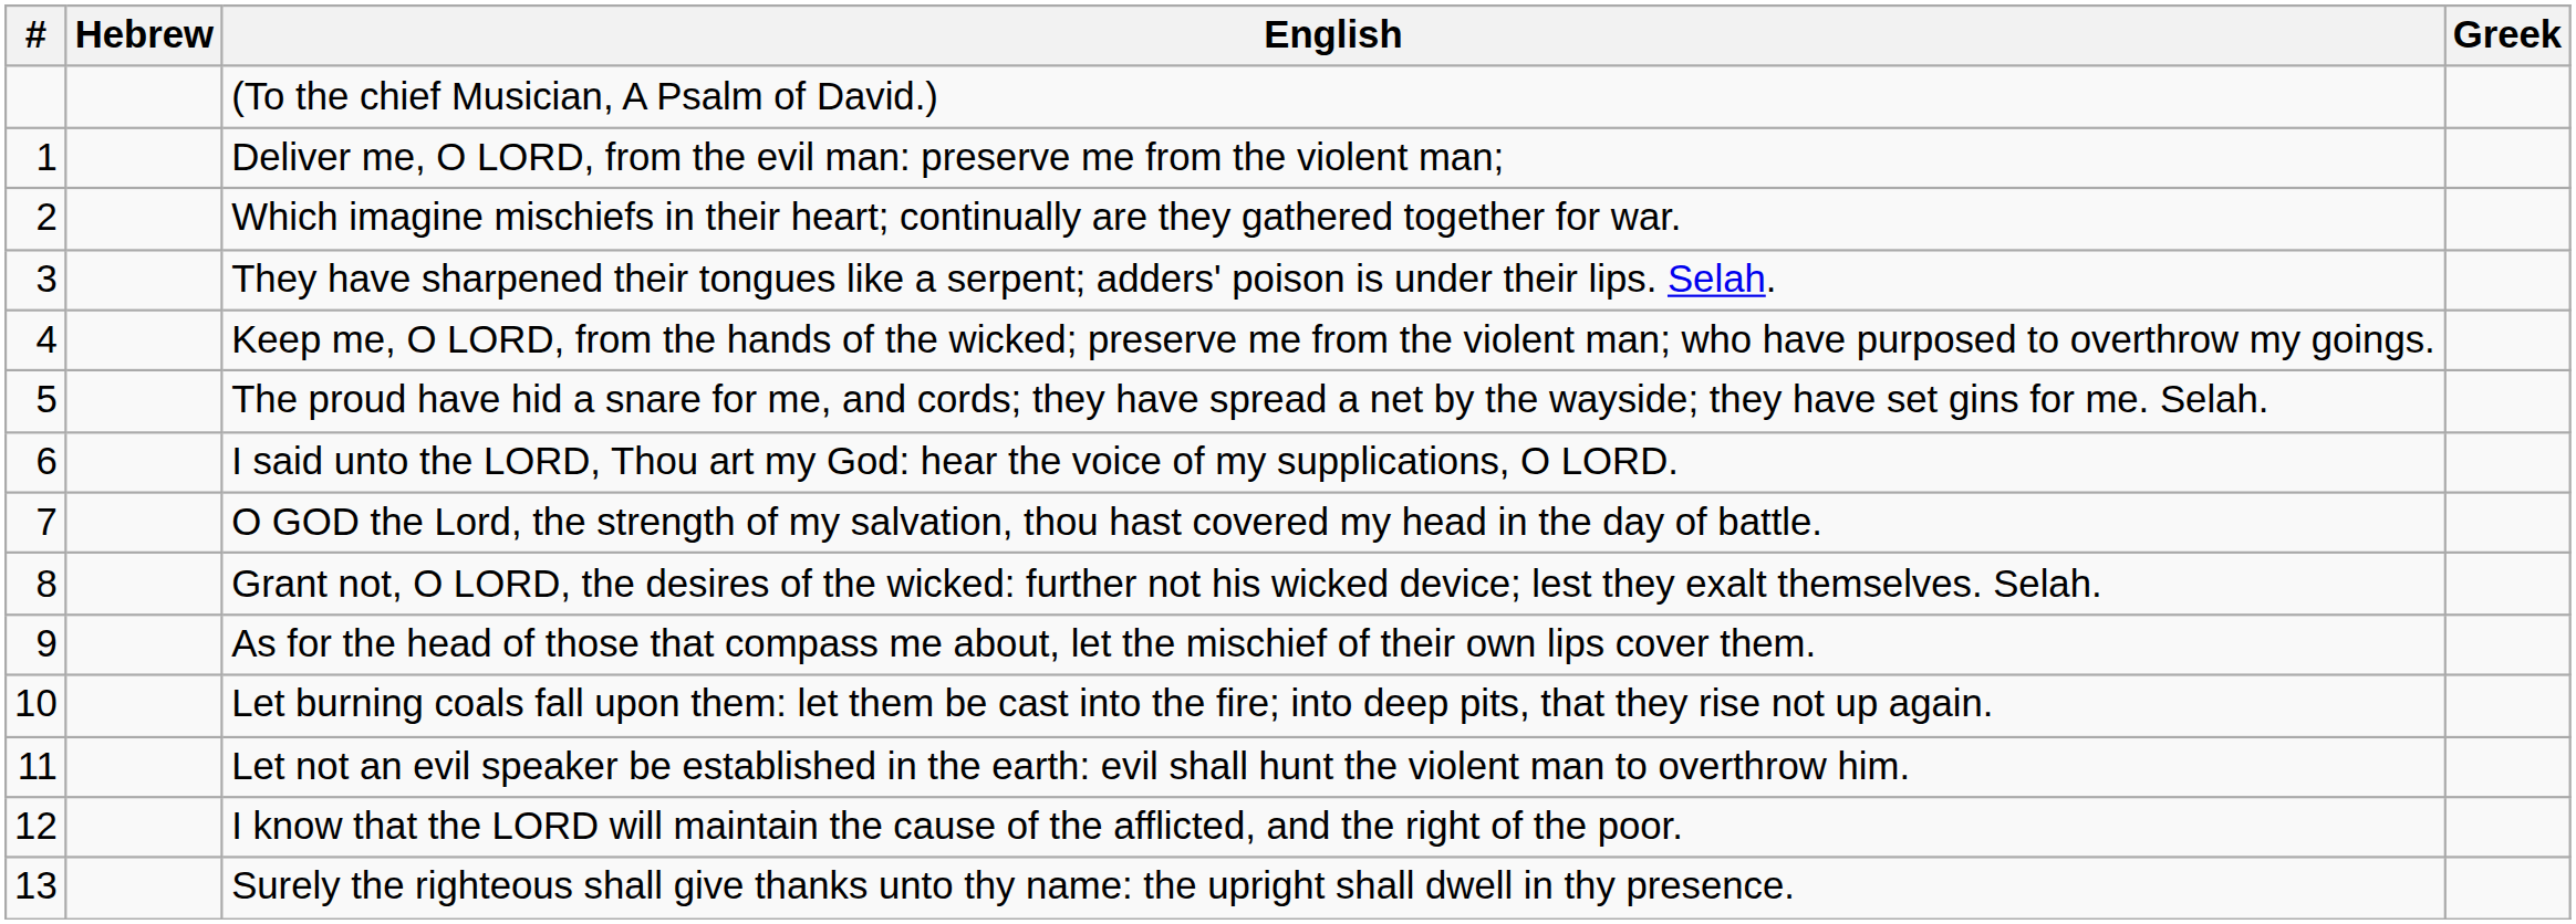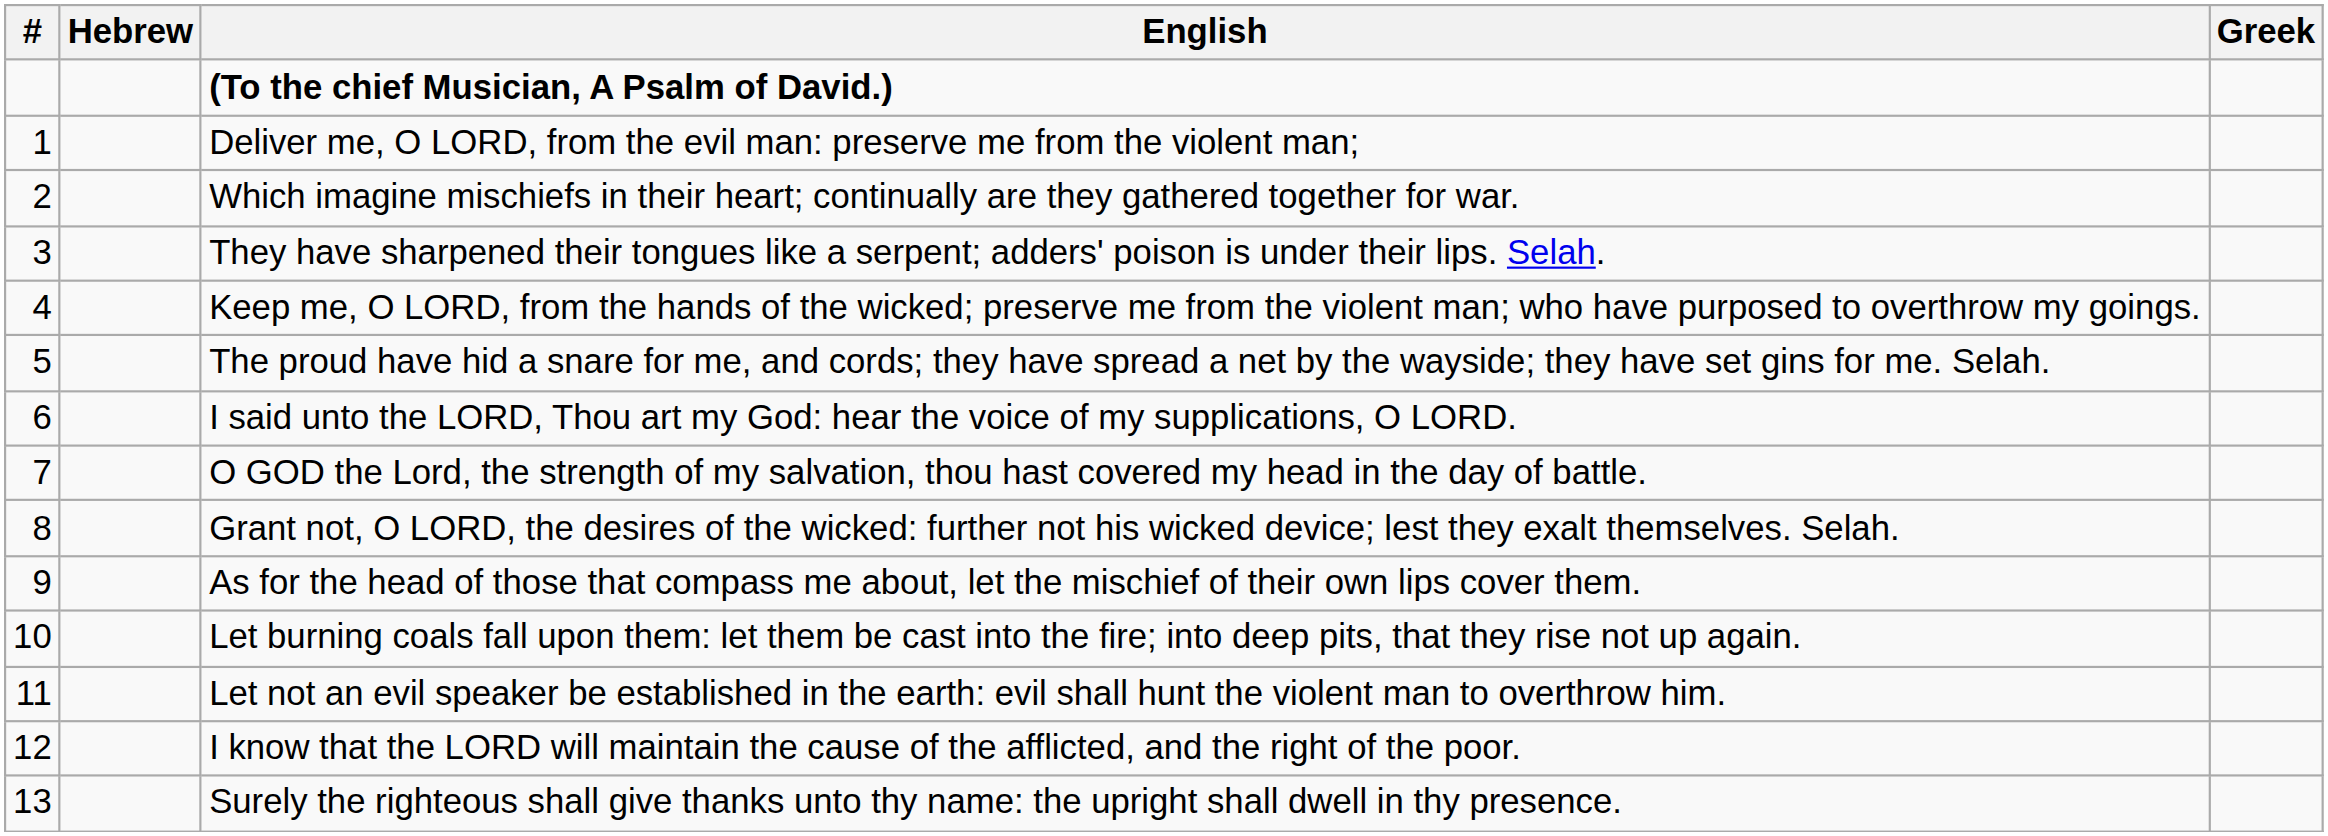 <table class=wikitable>
 <tr>
 <th>#</th>
 <th>Hebrew</th>
 <th>English</th>
 <th>Greek</th>
 </tr>
 <tr>
 <td style="text-align:right"></td>
 <td style="text-align:right"></td>
-<td>(To the chief Musician, A Psalm of David.)</td>
+<td><strong>(To the chief Musician, A Psalm of David.)</strong></td>
 <td></td>
 </tr>
 <tr>
 <td style="text-align:right">1</td>
 <td style="text-align:right"></td>
 <td>Deliver me, O LORD, from the evil man: preserve me from the violent man;</td>
 <td></td>
 </tr>
 <tr>
 <td style="text-align:right">2</td>
 <td style="text-align:right"></td>
 <td>Which imagine mischiefs in their heart; continually are they gathered together for war.</td>
 <td></td>
 </tr>
 <tr>
 <td style="text-align:right">3</td>
 <td style="text-align:right"></td>
 <td>They have sharpened their tongues like a serpent; adders' poison is under their lips. <a href='#'>Selah</a>.</td>
 <td></td>
 </tr>
 <tr>
 <td style="text-align:right">4</td>
 <td style="text-align:right"></td>
 <td>Keep me, O LORD, from the hands of the wicked; preserve me from the violent man; who have purposed to overthrow my goings.</td>
 <td></td>
 </tr>
 <tr>
 <td style="text-align:right">5</td>
 <td style="text-align:right"></td>
 <td>The proud have hid a snare for me, and cords; they have spread a net by the wayside; they have set gins for me. Selah.</td>
 <td></td>
 </tr>
 <tr>
 <td style="text-align:right">6</td>
 <td style="text-align:right"></td>
 <td>I said unto the LORD, Thou art my God: hear the voice of my supplications, O LORD.</td>
 <td></td>
 </tr>
 <tr>
 <td style="text-align:right">7</td>
 <td style="text-align:right"></td>
 <td>O GOD the Lord, the strength of my salvation, thou hast covered my head in the day of battle.</td>
 <td></td>
 </tr>
 <tr>
 <td style="text-align:right">8</td>
 <td style="text-align:right"></td>
 <td>Grant not, O LORD, the desires of the wicked: further not his wicked device; lest they exalt themselves. Selah.</td>
 <td></td>
 </tr>
 <tr>
 <td style="text-align:right">9</td>
 <td style="text-align:right"></td>
 <td>As for the head of those that compass me about, let the mischief of their own lips cover them.</td>
 <td></td>
 </tr>
 <tr>
 <td style="text-align:right">10</td>
 <td style="text-align:right"></td>
 <td>Let burning coals fall upon them: let them be cast into the fire; into deep pits, that they rise not up again.</td>
 <td></td>
 </tr>
 <tr>
 <td style="text-align:right">11</td>
 <td style="text-align:right"></td>
 <td>Let not an evil speaker be established in the earth: evil shall hunt the violent man to overthrow him.</td>
 <td></td>
 </tr>
 <tr>
 <td style="text-align:right">12</td>
 <td style="text-align:right"></td>
 <td>I know that the LORD will maintain the cause of the afflicted, and the right of the poor.</td>
 <td></td>
 </tr>
 <tr>
 <td style="text-align:right">13</td>
 <td style="text-align:right"></td>
 <td>Surely the righteous shall give thanks unto thy name: the upright shall dwell in thy presence.</td>
 <td></td>
 </tr>
 <tr>
 </tr>
 </table>
